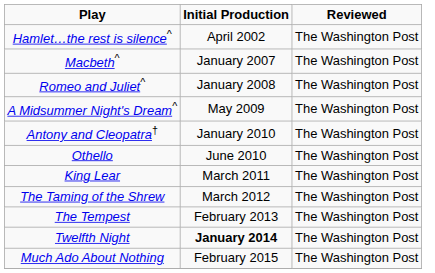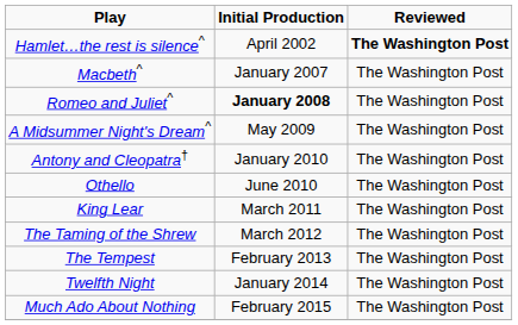 <table class="wikitable"  border="1" style="text-align:center;">
 <tr>
 <td><strong>Play</strong></td>
 <td><strong>Initial Production</strong></td>
 <td><strong>Reviewed</strong></td>
 </tr>
 <tr>
 <td><em><a href='#'>Hamlet…the rest is silence</a></em><sup>^</sup></td>
 <td>April 2002</td>
-<td>The Washington Post</td>
+<td><strong>The Washington Post</strong></td>
 </tr>
 <tr>
 <td><em><a href='#'>Macbeth</a></em><sup>^</sup></td>
 <td>January 2007</td>
 <td>The Washington Post</td>
 </tr>
 <tr>
 <td><em><a href='#'>Romeo and Juliet</a></em><sup>^</sup></td>
-<td>January 2008</td>
+<td><strong>January 2008</strong></td>
 <td>The Washington Post</td>
 </tr>
 <tr>
 <td><em><a href='#'>A Midsummer Night's Dream</a></em><sup>^</sup></td>
 <td>May 2009</td>
 <td>The Washington Post</td>
 </tr>
 <tr>
 <td><em><a href='#'>Antony and Cleopatra</a></em><sup>†</sup></td>
 <td>January 2010</td>
 <td>The Washington Post</td>
 </tr>
 <tr>
 <td><em><a href='#'>Othello</a></em></td>
 <td>June 2010</td>
 <td>The Washington Post</td>
 </tr>
 <tr>
 <td><em><a href='#'>King Lear</a></em></td>
 <td>March 2011</td>
 <td>The Washington Post</td>
 </tr>
 <tr>
 <td><em><a href='#'>The Taming of the Shrew</a></em></td>
 <td>March 2012</td>
 <td>The Washington Post</td>
 </tr>
 <tr>
 <td><em><a href='#'>The Tempest</a></em></td>
 <td>February 2013</td>
 <td>The Washington Post</td>
 </tr>
 <tr>
 <td><em><a href='#'>Twelfth Night</a></em></td>
-<td><strong>January 2014</strong></td>
+<td>January 2014</td>
 <td>The Washington Post</td>
 </tr>
 <tr>
 <td><em><a href='#'>Much Ado About Nothing</a></em></td>
 <td>February 2015</td>
 <td>The Washington Post</td>
 </tr>
 <tr>
 </tr>
 </table>
